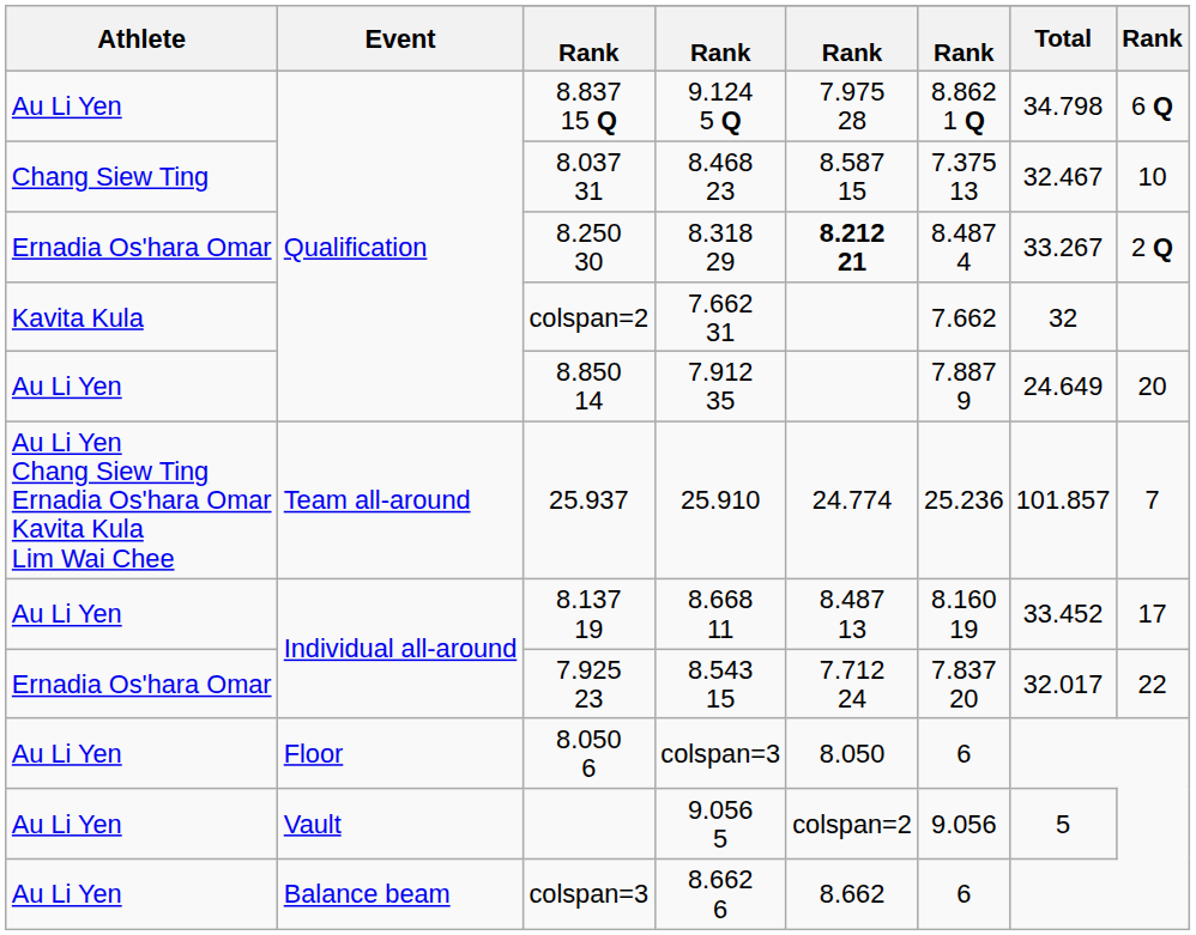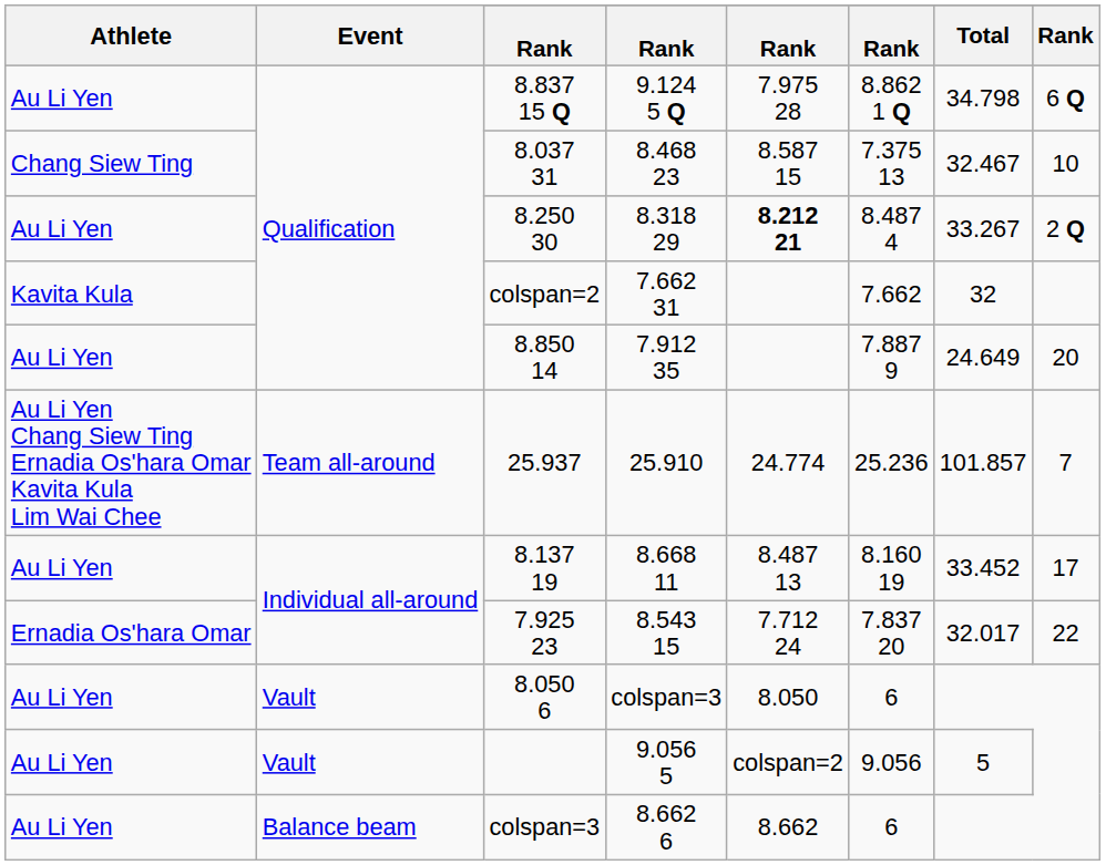 <table class=wikitable style="font-size:90%">
 <tr>
 <th rowspan=2>Athlete</th>
 <th rowspan=2>Event</th>
 </tr>
 <tr style="font-size:95%">
 <th><br>Rank</th>
 <th><br>Rank</th>
 <th><br>Rank</th>
 <th><br>Rank</th>
 <th>Total</th>
 <th>Rank</th>
 </tr>
 <tr align=center>
 <td align=left><a href='#'>Au Li Yen</a></td>
 <td align=left rowspan=5><a href='#'>Qualification</a></td>
 <td>8.837<br>15 <strong>Q</strong></td>
 <td>9.124<br>5 <strong>Q</strong></td>
 <td>7.975<br>28</td>
 <td>8.862<br>1 <strong>Q</strong></td>
 <td>34.798</td>
 <td>6 <strong>Q</strong></td>
 </tr>
 <tr align=center>
 <td align=left><a href='#'>Chang Siew Ting</a></td>
 <td>8.037<br>31</td>
 <td>8.468<br>23</td>
 <td>8.587<br>15</td>
 <td>7.375<br>13</td>
 <td>32.467</td>
 <td>10</td>
 </tr>
 <tr align=center>
-<td align=left><a href='#'>Ernadia Os'hara Omar</a></td>
+<td align=left><a href='#'>Au Li Yen</a></td>
 <td>8.250<br>30</td>
 <td>8.318<br>29</td>
 <td><strong>8.212<br>21</strong></td>
 <td>8.487<br>4</td>
 <td>33.267</td>
 <td>2 <strong>Q</strong></td>
 </tr>
 <tr align=center>
 <td align=left><a href='#'>Kavita Kula</a></td>
 <td>colspan=2 </td>
 <td>7.662<br>31</td>
 <td></td>
 <td>7.662</td>
 <td>32</td>
 </tr>
 <tr align=center>
 <td align=left><a href='#'>Au Li Yen</a></td>
 <td>8.850<br>14</td>
 <td>7.912<br>35</td>
 <td></td>
 <td>7.887<br>9</td>
 <td>24.649</td>
 <td>20</td>
 </tr>
 <tr align=center>
 <td align=left><a href='#'>Au Li Yen</a><br><a href='#'>Chang Siew Ting</a><br><a href='#'>Ernadia Os'hara Omar</a><br><a href='#'>Kavita Kula</a><br><a href='#'>Lim Wai Chee</a></td>
 <td align=left><a href='#'>Team all-around</a></td>
 <td>25.937</td>
 <td>25.910</td>
 <td>24.774</td>
 <td>25.236</td>
 <td>101.857</td>
 <td>7</td>
 </tr>
 <tr align=center>
 <td align=left><a href='#'>Au Li Yen</a></td>
 <td align=left rowspan=2><a href='#'>Individual all-around</a></td>
 <td>8.137<br>19</td>
 <td>8.668<br>11</td>
 <td>8.487<br>13</td>
 <td>8.160<br>19</td>
 <td>33.452</td>
 <td>17</td>
 </tr>
 <tr align=center>
 <td align=left><a href='#'>Ernadia Os'hara Omar</a></td>
 <td>7.925<br>23</td>
 <td>8.543<br>15</td>
 <td>7.712<br>24</td>
 <td>7.837<br>20</td>
 <td>32.017</td>
 <td>22</td>
 </tr>
 <tr align=center>
 <td align=left><a href='#'>Au Li Yen</a></td>
-<td align=left><a href='#'>Floor</a></td>
+<td align=left><a href='#'>Vault</a></td>
 <td>8.050<br>6</td>
 <td>colspan=3 </td>
 <td>8.050</td>
 <td>6</td>
 </tr>
 <tr align=center>
 <td align=left><a href='#'>Au Li Yen</a></td>
 <td align=left><a href='#'>Vault</a></td>
 <td></td>
 <td>9.056<br>5</td>
 <td>colspan=2 </td>
 <td>9.056</td>
 <td>5</td>
 </tr>
 <tr align=center>
 <td align=left><a href='#'>Au Li Yen</a></td>
 <td align=left><a href='#'>Balance beam</a></td>
 <td>colspan=3 </td>
 <td>8.662<br>6</td>
 <td>8.662</td>
 <td>6</td>
 </tr>
 </table>
